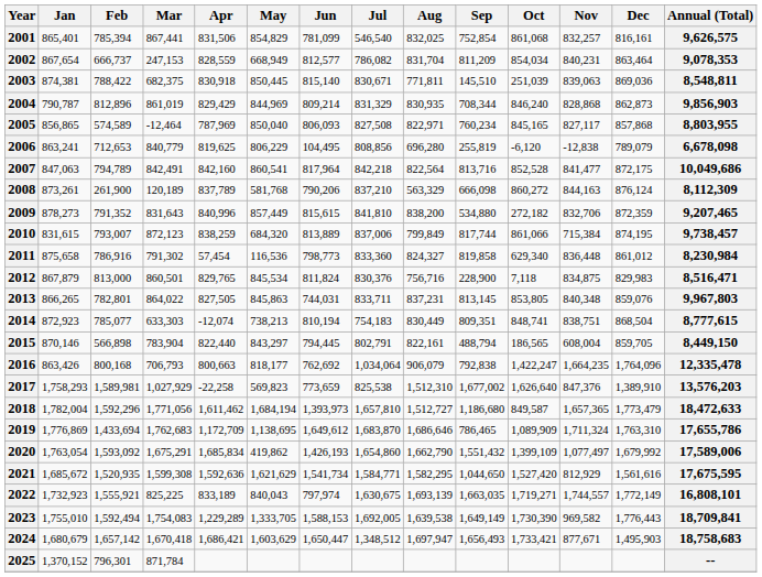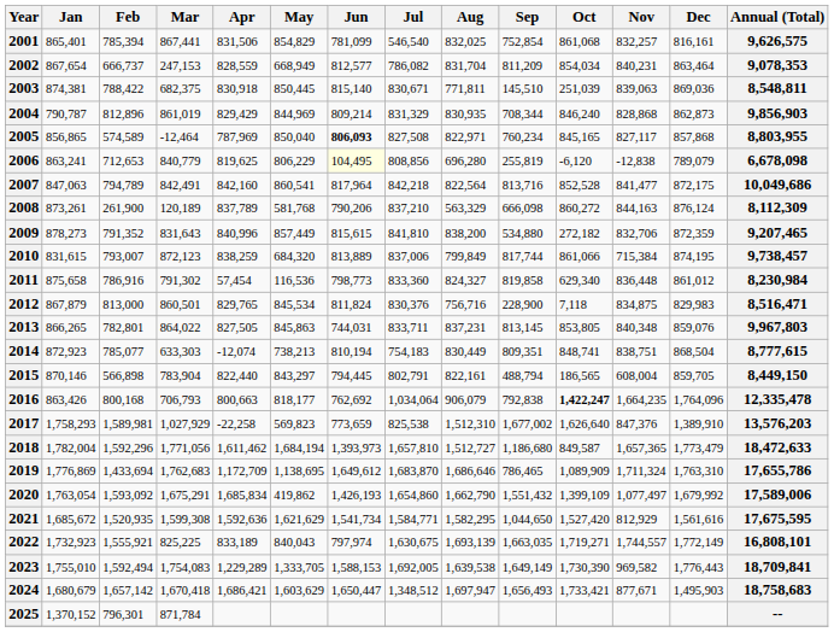 <table class="wikitable">
 <tr>
 <th>Year</th>
 <th>Jan</th>
 <th>Feb</th>
 <th>Mar</th>
 <th>Apr</th>
 <th>May</th>
 <th>Jun</th>
 <th>Jul</th>
 <th>Aug</th>
 <th>Sep</th>
 <th>Oct</th>
 <th>Nov</th>
 <th>Dec</th>
 <th>Annual (Total)</th>
 </tr>
 <tr>
 <th>2001</th>
 <td><small>865,401</small></td>
 <td><small>785,394</small></td>
 <td><small>867,441</small></td>
 <td><small>831,506</small></td>
 <td><small>854,829</small></td>
 <td><small>781,099</small></td>
 <td><small>546,540</small></td>
 <td><small>832,025</small></td>
 <td><small>752,854</small></td>
 <td><small>861,068</small></td>
 <td><small>832,257</small></td>
 <td><small>816,161</small></td>
 <th>9,626,575</th>
 </tr>
 <tr>
 <th>2002</th>
 <td><small>867,654</small></td>
 <td><small>666,737</small></td>
 <td><small>247,153</small></td>
 <td><small>828,559</small></td>
 <td><small>668,949</small></td>
 <td><small>812,577</small></td>
 <td><small>786,082</small></td>
 <td><small>831,704</small></td>
 <td><small>811,209</small></td>
 <td><small>854,034</small></td>
 <td><small>840,231</small></td>
 <td><small>863,464</small></td>
 <th>9,078,353</th>
 </tr>
 <tr>
 <th>2003</th>
 <td><small>874,381</small></td>
 <td><small>788,422</small></td>
 <td><small>682,375</small></td>
 <td><small>830,918</small></td>
 <td><small>850,445</small></td>
 <td><small>815,140</small></td>
 <td><small>830,671</small></td>
 <td><small>771,811</small></td>
 <td><small>145,510</small></td>
 <td><small>251,039</small></td>
 <td><small>839,063</small></td>
 <td><small>869,036</small></td>
 <th>8,548,811</th>
 </tr>
 <tr>
 <th>2004</th>
 <td><small>790,787</small></td>
 <td><small>812,896</small></td>
 <td><small>861,019</small></td>
 <td><small>829,429</small></td>
 <td><small>844,969</small></td>
 <td><small>809,214</small></td>
 <td><small>831,329</small></td>
 <td><small>830,935</small></td>
 <td><small>708,344</small></td>
 <td><small>846,240</small></td>
 <td><small>828,868</small></td>
 <td><small>862,873</small></td>
 <th>9,856,903</th>
 </tr>
 <tr>
 <th>2005</th>
 <td><small>856,865</small></td>
 <td><small>574,589</small></td>
 <td><small>-12,464</small></td>
 <td><small>787,969</small></td>
 <td><small>850,040</small></td>
-<td><small>806,093</small></td>
+<td><strong><small>806,093</small></strong></td>
 <td><small>827,508</small></td>
 <td><small>822,971</small></td>
 <td><small>760,234</small></td>
 <td><small>845,165</small></td>
 <td><small>827,117</small></td>
 <td><small>857,868</small></td>
 <th>8,803,955</th>
 </tr>
 <tr>
 <th>2006</th>
 <td><small>863,241</small></td>
 <td><small>712,653</small></td>
 <td><small>840,779</small></td>
 <td><small>819,625</small></td>
 <td><small>806,229</small></td>
-<td><small>104,495</small></td>
+<td style="background: lightyellow;"><small>104,495</small></td>
 <td><small>808,856</small></td>
 <td><small>696,280</small></td>
 <td><small>255,819</small></td>
 <td><small>-6,120</small></td>
 <td><small>-12,838</small></td>
 <td><small>789,079</small></td>
 <th>6,678,098</th>
 </tr>
 <tr>
 <th>2007</th>
 <td><small>847,063</small></td>
 <td><small>794,789</small></td>
 <td><small>842,491</small></td>
 <td><small>842,160</small></td>
 <td><small>860,541</small></td>
 <td><small>817,964</small></td>
 <td><small>842,218</small></td>
 <td><small>822,564</small></td>
 <td><small>813,716</small></td>
 <td><small>852,528</small></td>
 <td><small>841,477</small></td>
 <td><small>872,175</small></td>
 <th>10,049,686</th>
 </tr>
 <tr>
 <th>2008</th>
 <td><small>873,261</small></td>
 <td><small>261,900</small></td>
 <td><small>120,189</small></td>
 <td><small>837,789</small></td>
 <td><small>581,768</small></td>
 <td><small>790,206</small></td>
 <td><small>837,210</small></td>
 <td><small>563,329</small></td>
 <td><small>666,098</small></td>
 <td><small>860,272</small></td>
 <td><small>844,163</small></td>
 <td><small>876,124</small></td>
 <th>8,112,309</th>
 </tr>
 <tr>
 <th>2009</th>
 <td><small>878,273</small></td>
 <td><small>791,352</small></td>
 <td><small>831,643</small></td>
 <td><small>840,996</small></td>
 <td><small>857,449</small></td>
 <td><small>815,615</small></td>
 <td><small>841,810</small></td>
 <td><small>838,200</small></td>
 <td><small>534,880</small></td>
 <td><small>272,182</small></td>
 <td><small>832,706</small></td>
 <td><small>872,359</small></td>
 <th>9,207,465</th>
 </tr>
 <tr>
 <th>2010</th>
 <td><small>831,615</small></td>
 <td><small>793,007</small></td>
 <td><small>872,123</small></td>
 <td><small>838,259</small></td>
 <td><small>684,320</small></td>
 <td><small>813,889</small></td>
 <td><small>837,006</small></td>
 <td><small>799,849</small></td>
 <td><small>817,744</small></td>
 <td><small>861,066</small></td>
 <td><small>715,384</small></td>
 <td><small>874,195</small></td>
 <th>9,738,457</th>
 </tr>
 <tr>
 <th>2011</th>
 <td><small>875,658</small></td>
 <td><small>786,916</small></td>
 <td><small>791,302</small></td>
 <td><small>57,454</small></td>
 <td><small>116,536</small></td>
 <td><small>798,773</small></td>
 <td><small>833,360</small></td>
 <td><small>824,327</small></td>
 <td><small>819,858</small></td>
 <td><small>629,340</small></td>
 <td><small>836,448</small></td>
 <td><small>861,012</small></td>
 <th>8,230,984</th>
 </tr>
 <tr>
 <th>2012</th>
 <td><small>867,879</small></td>
 <td><small>813,000</small></td>
 <td><small>860,501</small></td>
 <td><small>829,765</small></td>
 <td><small>845,534</small></td>
 <td><small>811,824</small></td>
 <td><small>830,376</small></td>
 <td><small>756,716</small></td>
 <td><small>228,900</small></td>
 <td><small>7,118</small></td>
 <td><small>834,875</small></td>
 <td><small>829,983</small></td>
 <th>8,516,471</th>
 </tr>
 <tr>
 <th>2013</th>
 <td><small>866,265</small></td>
 <td><small>782,801</small></td>
 <td><small>864,022</small></td>
 <td><small>827,505</small></td>
 <td><small>845,863</small></td>
 <td><small>744,031</small></td>
 <td><small>833,711</small></td>
 <td><small>837,231</small></td>
 <td><small>813,145</small></td>
 <td><small>853,805</small></td>
 <td><small>840,348</small></td>
 <td><small>859,076</small></td>
 <th>9,967,803</th>
 </tr>
 <tr>
 <th>2014</th>
 <td><small>872,923</small></td>
 <td><small>785,077</small></td>
 <td><small>633,303</small></td>
 <td><small>-12,074</small></td>
 <td><small>738,213</small></td>
 <td><small>810,194</small></td>
 <td><small>754,183</small></td>
 <td><small>830,449</small></td>
 <td><small>809,351</small></td>
 <td><small>848,741</small></td>
 <td><small>838,751</small></td>
 <td><small>868,504</small></td>
 <th>8,777,615</th>
 </tr>
 <tr>
 <th>2015</th>
 <td><small>870,146</small></td>
 <td><small>566,898</small></td>
 <td><small>783,904</small></td>
 <td><small>822,440</small></td>
 <td><small>843,297</small></td>
 <td><small>794,445</small></td>
 <td><small>802,791</small></td>
 <td><small>822,161</small></td>
 <td><small>488,794</small></td>
 <td><small>186,565</small></td>
 <td><small>608,004</small></td>
 <td><small>859,705</small></td>
 <th>8,449,150</th>
 </tr>
 <tr>
 <th>2016</th>
 <td><small>863,426</small></td>
 <td><small>800,168</small></td>
 <td><small>706,793</small></td>
 <td><small>800,663</small></td>
 <td><small>818,177</small></td>
 <td><small>762,692</small></td>
 <td><small>1,034,064</small></td>
 <td><small>906,079</small></td>
 <td><small>792,838</small></td>
-<td><small>1,422,247</small></td>
+<td><strong><small>1,422,247</small></strong></td>
 <td><small>1,664,235</small></td>
 <td><small>1,764,096</small></td>
 <th>12,335,478</th>
 </tr>
 <tr>
 <th>2017</th>
 <td><small>1,758,293</small></td>
 <td><small>1,589,981</small></td>
 <td><small>1,027,929</small></td>
 <td><small>-22,258</small></td>
 <td><small>569,823</small></td>
 <td><small>773,659</small></td>
 <td><small>825,538</small></td>
 <td><small>1,512,310</small></td>
 <td><small>1,677,002</small></td>
 <td><small>1,626,640</small></td>
 <td><small>847,376</small></td>
 <td><small>1,389,910</small></td>
 <th>13,576,203</th>
 </tr>
 <tr>
 <th>2018</th>
 <td><small>1,782,004</small></td>
 <td><small>1,592,296</small></td>
 <td><small>1,771,056</small></td>
 <td><small>1,611,462</small></td>
 <td><small>1,684,194</small></td>
 <td><small>1,393,973</small></td>
 <td><small>1,657,810</small></td>
 <td><small>1,512,727</small></td>
 <td><small>1,186,680</small></td>
 <td><small>849,587</small></td>
 <td><small>1,657,365</small></td>
 <td><small>1,773,479</small></td>
 <th>18,472,633</th>
 </tr>
 <tr>
 <th>2019</th>
 <td><small>1,776,869</small></td>
 <td><small>1,433,694</small></td>
 <td><small>1,762,683</small></td>
 <td><small>1,172,709</small></td>
 <td><small>1,138,695</small></td>
 <td><small>1,649,612</small></td>
 <td><small>1,683,870</small></td>
 <td><small>1,686,646</small></td>
 <td><small>786,465</small></td>
 <td><small>1,089,909</small></td>
 <td><small>1,711,324</small></td>
 <td><small>1,763,310</small></td>
 <th>17,655,786</th>
 </tr>
 <tr>
 <th>2020</th>
 <td><small>1,763,054</small></td>
 <td><small>1,593,092</small></td>
 <td><small>1,675,291</small></td>
 <td><small>1,685,834</small></td>
 <td><small>419,862</small></td>
 <td><small>1,426,193</small></td>
 <td><small>1,654,860</small></td>
 <td><small>1,662,790</small></td>
 <td><small>1,551,432</small></td>
 <td><small>1,399,109</small></td>
 <td><small>1,077,497</small></td>
 <td><small>1,679,992</small></td>
 <th>17,589,006</th>
 </tr>
 <tr>
 <th>2021</th>
 <td><small>1,685,672</small></td>
 <td><small>1,520,935</small></td>
 <td><small>1,599,308</small></td>
 <td><small>1,592,636</small></td>
 <td><small>1,621,629</small></td>
 <td><small>1,541,734</small></td>
 <td><small>1,584,771</small></td>
 <td><small>1,582,295</small></td>
 <td><small>1,044,650</small></td>
 <td><small>1,527,420</small></td>
 <td><small>812,929</small></td>
 <td><small>1,561,616</small></td>
 <th>17,675,595</th>
 </tr>
 <tr>
 <th>2022</th>
 <td><small>1,732,923</small></td>
 <td><small>1,555,921</small></td>
 <td><small>825,225</small></td>
 <td><small>833,189</small></td>
 <td><small>840,043</small></td>
 <td><small>797,974</small></td>
 <td><small>1,630,675</small></td>
 <td><small>1,693,139</small></td>
 <td><small>1,663,035</small></td>
 <td><small>1,719,271</small></td>
 <td><small>1,744,557</small></td>
 <td><small>1,772,149</small></td>
 <th>16,808,101</th>
 </tr>
 <tr>
 <th>2023</th>
 <td><small>1,755,010</small></td>
 <td><small>1,592,494</small></td>
 <td><small>1,754,083</small></td>
 <td><small>1,229,289</small></td>
 <td><small>1,333,705</small></td>
 <td><small>1,588,153</small></td>
 <td><small>1,692,005</small></td>
 <td><small>1,639,538</small></td>
 <td><small>1,649,149</small></td>
 <td><small>1,730,390</small></td>
 <td><small>969,582</small></td>
 <td><small>1,776,443</small></td>
 <th>18,709,841</th>
 </tr>
 <tr>
 <th>2024</th>
 <td><small>1,680,679</small></td>
 <td><small>1,657,142</small></td>
 <td><small>1,670,418</small></td>
 <td><small>1,686,421</small></td>
 <td><small>1,603,629</small></td>
 <td><small>1,650,447</small></td>
 <td><small>1,348,512</small></td>
 <td><small>1,697,947</small></td>
 <td><small>1,656,493</small></td>
 <td><small>1,733,421</small></td>
 <td><small>877,671</small></td>
 <td><small>1,495,903</small></td>
 <th>18,758,683</th>
 </tr>
 <tr>
 <th>2025</th>
 <td><small>1,370,152</small></td>
 <td><small>796,301</small></td>
 <td><small>871,784</small></td>
 <td><small></small></td>
 <td><small></small></td>
 <td><small></small></td>
 <td><small></small></td>
 <td><small></small></td>
 <td><small></small></td>
 <td><small></small></td>
 <td><small></small></td>
 <td><small></small></td>
 <th>--</th>
 </tr>
 <tr>
 </tr>
 </table>
